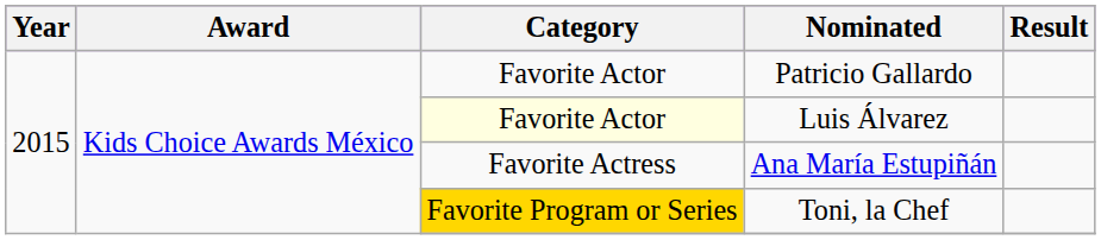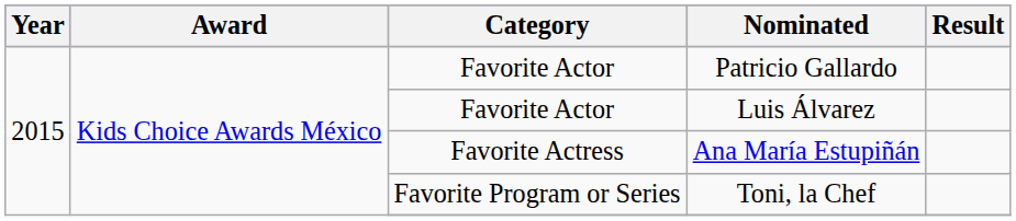 <table class="wikitable plainrowheaders" style="text-align:center;">
 <tr style="background:#96c;">
 <th scope="col">Year</th>
 <th scope="col">Award</th>
 <th scope="col">Category</th>
 <th scope="col">Nominated</th>
 <th scope="col">Result</th>
 </tr>
 <tr>
 <td scope="row" rowspan="5">2015</td>
 <td rowspan="5"><a href='#'>Kids Choice Awards México</a></td>
 <td scope="row">Favorite Actor</td>
 <td rowspan="1">Patricio Gallardo</td>
 <td></td>
 </tr>
 <tr>
-<td scope="row" style="background: lightyellow;">Favorite Actor</td>
+<td scope="row">Favorite Actor</td>
 <td rowspan="1">Luis Álvarez</td>
 <td></td>
 </tr>
 <tr>
 <td scope="row">Favorite Actress</td>
 <td rowspan="1"><a href='#'>Ana María Estupiñán</a></td>
 <td></td>
 </tr>
 <tr>
-<td scope="row" style="background: gold;">Favorite Program or Series</td>
+<td scope="row">Favorite Program or Series</td>
 <td rowspan="1">Toni, la Chef</td>
 <td></td>
 </tr>
 <tr>
 </tr>
 </table>
